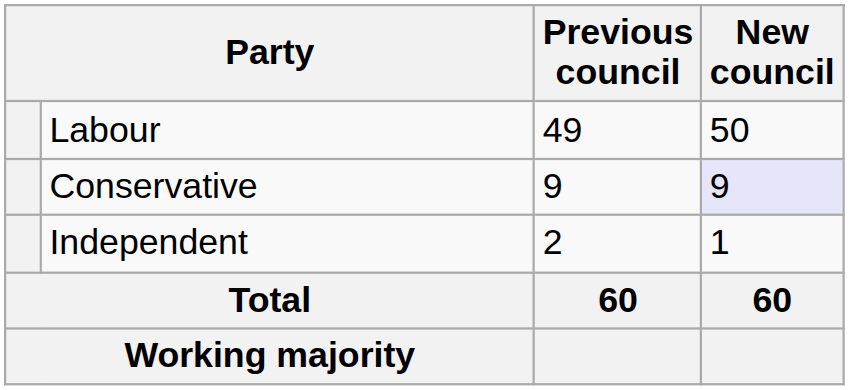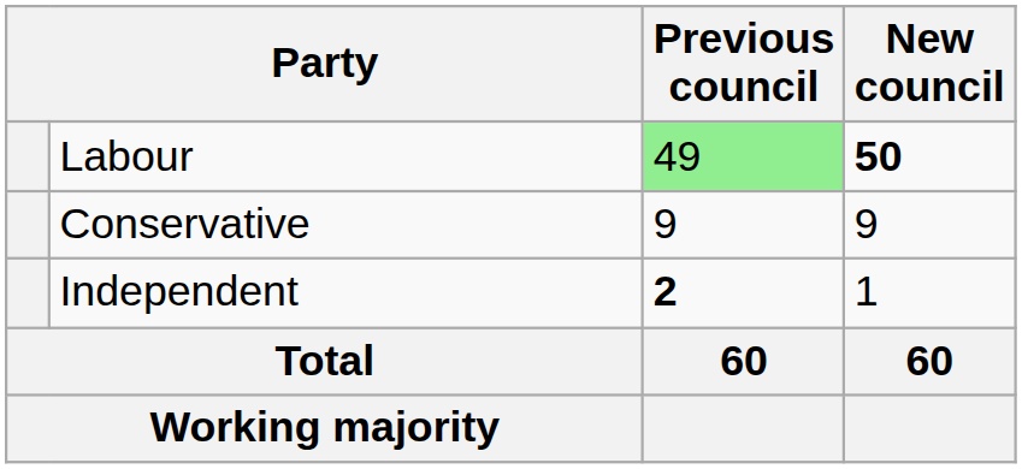 <table class="wikitable">
 <tr>
 <th valign=centre colspan="2" style="width: 230px">Party</th>
 <th valign=top style="width: 30px">Previous council</th>
 <th valign=top style="width: 30px">New council</th>
 </tr>
 <tr>
 <th style="background-color: "></th>
 <td>Labour</td>
-<td>49</td>
-<td>50</td>
+<td style="background: lightgreen;">49</td>
+<td><strong>50</strong></td>
 </tr>
 <tr>
 <th style="background-color: "></th>
 <td>Conservative</td>
 <td>9</td>
-<td style="background: lavender;">9</td>
+<td>9</td>
 </tr>
 <tr>
 <th style="background-color: "></th>
 <td>Independent</td>
-<td>2</td>
+<td><strong>2</strong></td>
 <td>1</td>
 </tr>
 <tr>
 <th colspan=2>Total</th>
 <th style="text-align: center">60</th>
 <th colspan=3>60</th>
 </tr>
 <tr>
 <th colspan=2>Working majority</th>
 <th></th>
 <th></th>
 </tr>
 </table>
